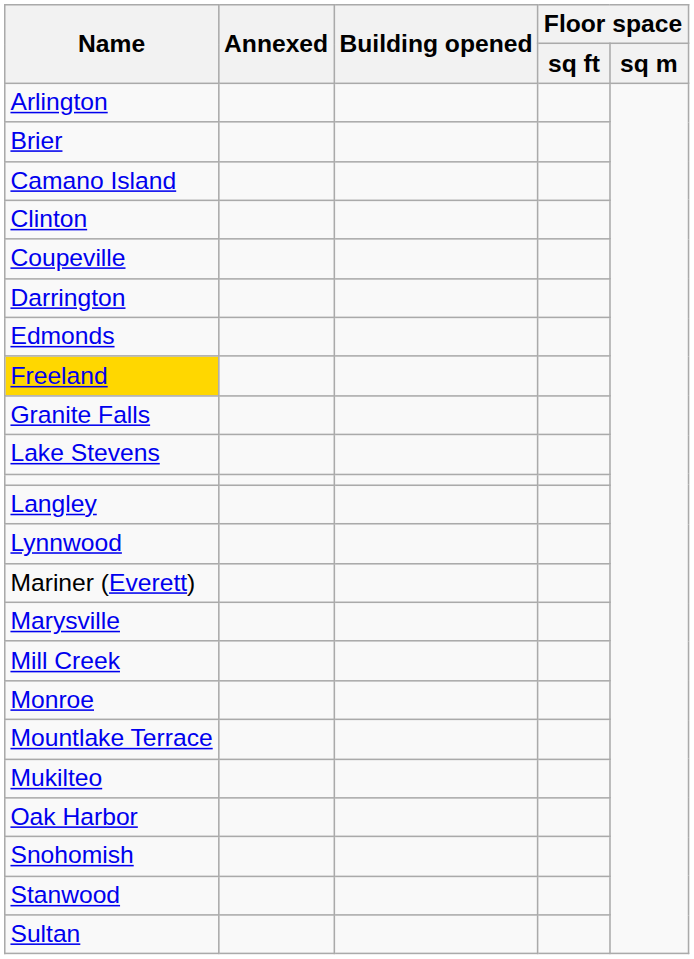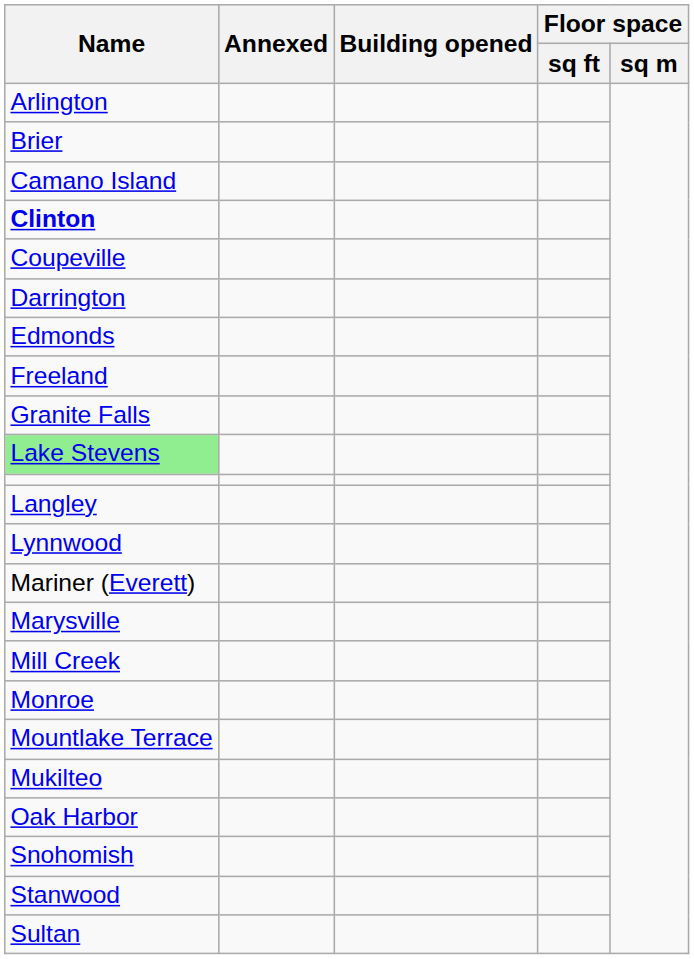 <table class="wikitable sortable">
 <tr>
 <th rowspan=2>Name</th>
 <th rowspan=2>Annexed</th>
 <th rowspan=2>Building opened</th>
 <th colspan=2>Floor space</th>
 </tr>
 <tr>
 <th>sq ft</th>
 <th>sq m</th>
 </tr>
 <tr>
 <td><a href='#'>Arlington</a></td>
 <td></td>
 <td align=right></td>
 <td></td>
 </tr>
 <tr>
 <td><a href='#'>Brier</a></td>
 <td></td>
 <td align=right></td>
 <td></td>
 </tr>
 <tr>
 <td><a href='#'>Camano Island</a></td>
 <td></td>
 <td align=right></td>
 <td></td>
 </tr>
 <tr>
-<td><a href='#'>Clinton</a></td>
+<td><strong><a href='#'>Clinton</a></strong></td>
 <td></td>
 <td align=right></td>
 <td></td>
 </tr>
 <tr>
 <td><a href='#'>Coupeville</a></td>
 <td></td>
 <td align=right></td>
 <td></td>
 </tr>
 <tr>
 <td><a href='#'>Darrington</a></td>
 <td align=right></td>
 <td align=right></td>
 <td></td>
 </tr>
 <tr>
 <td><a href='#'>Edmonds</a></td>
 <td align=right></td>
 <td align=right></td>
 <td></td>
 </tr>
 <tr>
-<td style="background: gold;"><a href='#'>Freeland</a></td>
+<td><a href='#'>Freeland</a></td>
 <td></td>
 <td align=right></td>
 <td></td>
 </tr>
 <tr>
 <td><a href='#'>Granite Falls</a></td>
 <td></td>
 <td align=right></td>
 <td></td>
 </tr>
 <tr>
-<td><a href='#'>Lake Stevens</a></td>
+<td style="background: lightgreen;"><a href='#'>Lake Stevens</a></td>
 <td align=right></td>
 <td align=right></td>
 <td></td>
 </tr>
 <tr>
 <td></td>
 <td></td>
 <td align=right></td>
 <td></td>
 </tr>
 <tr>
 <td><a href='#'>Langley</a></td>
 <td align=right></td>
 <td align=right></td>
 <td></td>
 </tr>
 <tr>
 <td><a href='#'>Lynnwood</a></td>
 <td></td>
 <td align=right></td>
 <td></td>
 </tr>
 <tr>
 <td>Mariner (<a href='#'>Everett</a>)</td>
 <td></td>
 <td align=right></td>
 <td></td>
 </tr>
 <tr>
 <td><a href='#'>Marysville</a></td>
 <td align=right></td>
 <td align=right></td>
 <td></td>
 </tr>
 <tr>
 <td><a href='#'>Mill Creek</a></td>
 <td></td>
 <td align=right></td>
 <td></td>
 </tr>
 <tr>
 <td><a href='#'>Monroe</a></td>
 <td align=right></td>
 <td align=right></td>
 <td></td>
 </tr>
 <tr>
 <td><a href='#'>Mountlake Terrace</a></td>
 <td align=right></td>
 <td align=right></td>
 <td></td>
 </tr>
 <tr>
 <td><a href='#'>Mukilteo</a></td>
 <td align=right></td>
 <td align=right></td>
 <td></td>
 </tr>
 <tr>
 <td><a href='#'>Oak Harbor</a></td>
 <td></td>
 <td align=right></td>
 <td></td>
 </tr>
 <tr>
 <td><a href='#'>Snohomish</a></td>
 <td></td>
 <td align=right></td>
 <td></td>
 </tr>
 <tr>
 <td><a href='#'>Stanwood</a></td>
 <td></td>
 <td align=right></td>
 <td></td>
 </tr>
 <tr>
 <td><a href='#'>Sultan</a></td>
 <td align=right></td>
 <td align=right></td>
 <td></td>
 </tr>
 </table>
